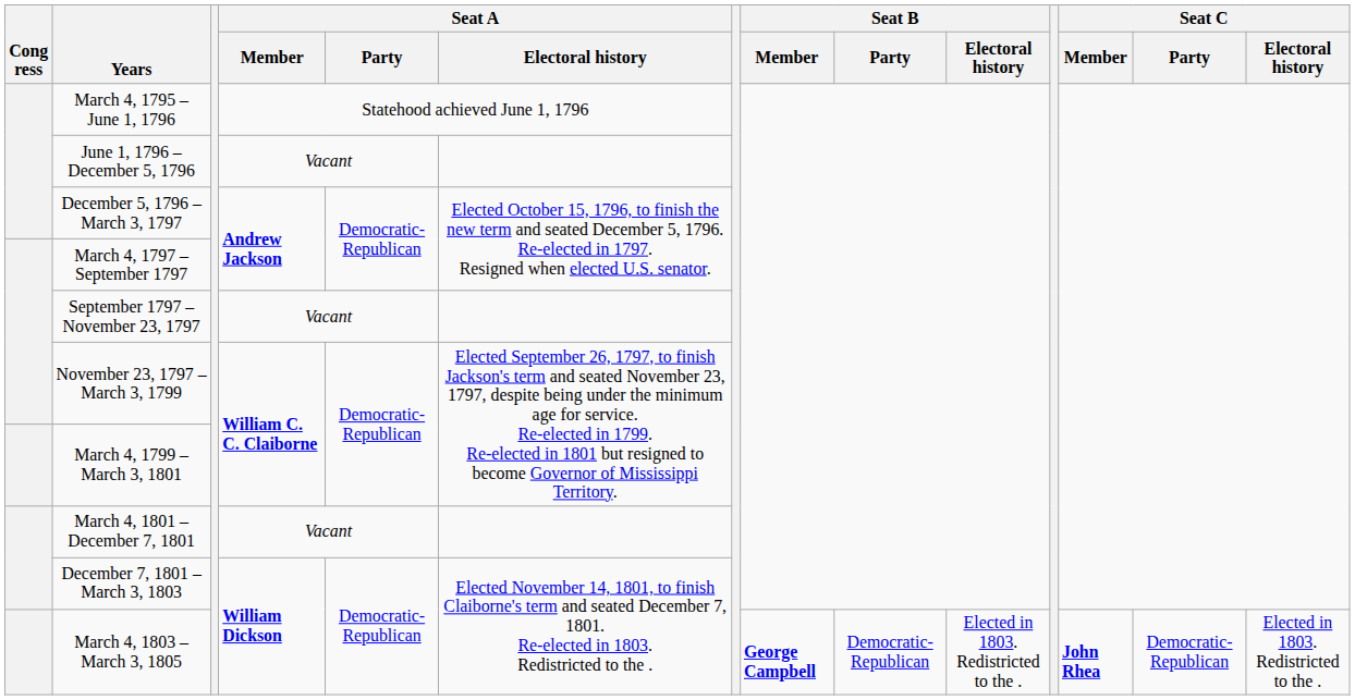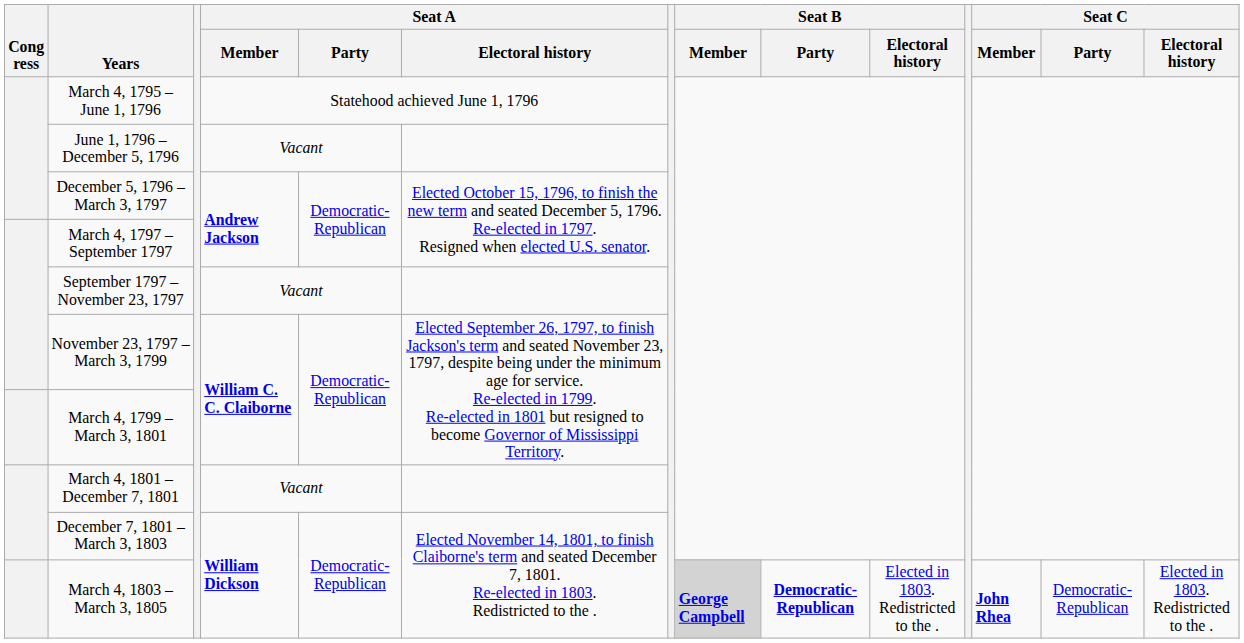 <table class=wikitable style="text-align:center">
 <tr valign=bottom>
 <th rowspan=2>Cong<br>ress</th>
 <th rowspan=2>Years</th>
 <th rowspan=99></th>
 <th colspan=3>Seat A</th>
 <th rowspan=99></th>
 <th colspan=3>Seat B</th>
 <th rowspan=99></th>
 <th colspan=3>Seat C</th>
 </tr>
 <tr style="height:3em">
 <th>Member</th>
 <th>Party</th>
 <th>Electoral history</th>
 <th>Member</th>
 <th>Party</th>
 <th>Electoral history</th>
 <th>Member</th>
 <th>Party</th>
 <th>Electoral history</th>
 </tr>
 <tr style="height:3em">
 <th rowspan=3></th>
 <td nowrap>March 4, 1795 –<br>June 1, 1796</td>
 <td colspan=3>Statehood achieved June 1, 1796</td>
 </tr>
 <tr style="height:3em">
 <td nowrap>June 1, 1796 –<br>December 5, 1796</td>
 <td colspan=2><em>Vacant</em></td>
 </tr>
 <tr style="height:3em">
 <td nowrap>December 5, 1796 –<br>March 3, 1797</td>
 <td rowspan=2 align=left><br><strong><a href='#'>Andrew Jackson</a></strong><br></td>
 <td rowspan=2 ><a href='#'>Democratic-Republican</a></td>
 <td rowspan=2><a href='#'>Elected October 15, 1796, to finish the new term</a> and seated December 5, 1796.<br><a href='#'>Re-elected in 1797</a>.<br>Resigned when <a href='#'>elected U.S. senator</a>.</td>
 </tr>
 <tr style="height:3em">
 <th rowspan=3></th>
 <td nowrap>March 4, 1797 –<br>September 1797</td>
 </tr>
 <tr style="height:3em">
 <td nowrap>September 1797 –<br>November 23, 1797</td>
 <td colspan=2><em>Vacant</em></td>
 </tr>
 <tr style="height:3em">
 <td nowrap>November 23, 1797 –<br>March 3, 1799</td>
 <td rowspan=2 align=left><br><strong><a href='#'>William C. C. Claiborne</a></strong></td>
 <td rowspan=2 ><a href='#'>Democratic-Republican</a></td>
 <td rowspan=2><a href='#'>Elected September 26, 1797, to finish Jackson's term</a> and seated November 23, 1797, despite being under the minimum age for service.<br><a href='#'>Re-elected in 1799</a>.<br><a href='#'>Re-elected in 1801</a> but resigned to become <a href='#'>Governor of Mississippi Territory</a>.</td>
 </tr>
 <tr style="height:3em">
 <th></th>
 <td>March 4, 1799 –<br>March 3, 1801</td>
 </tr>
 <tr style="height:3em">
 <th rowspan=2></th>
 <td>March 4, 1801 –<br>December 7, 1801</td>
 <td colspan=2><em>Vacant</em></td>
 </tr>
 <tr style="height:3em">
 <td>December 7, 1801 –<br>March 3, 1803</td>
 <td rowspan=2 align=left><strong><a href='#'>William Dickson</a></strong><br></td>
 <td rowspan=2 ><a href='#'>Democratic-Republican</a></td>
 <td rowspan=2><a href='#'>Elected November 14, 1801, to finish Claiborne's term</a> and seated December 7, 1801.<br><a href='#'>Re-elected in 1803</a>.<br>Redistricted to the .</td>
 </tr>
 <tr style="height:3em">
 <th></th>
 <td nowrap>March 4, 1803 –<br>March 3, 1805</td>
-<td align=left><br><strong><a href='#'>George Campbell</a></strong><br></td>
-<td><a href='#'>Democratic-Republican</a></td>
+<td align=left style="background: lightgrey;"><br><strong><a href='#'>George Campbell</a></strong><br></td>
+<td><strong><a href='#'>Democratic-Republican</a></strong></td>
 <td><a href='#'>Elected in 1803</a>.<br>Redistricted to the .</td>
 <td align=left><br><strong><a href='#'>John Rhea</a></strong><br></td>
 <td><a href='#'>Democratic-Republican</a></td>
 <td><a href='#'>Elected in 1803</a>.<br>Redistricted to the .</td>
 </tr>
 </table>
